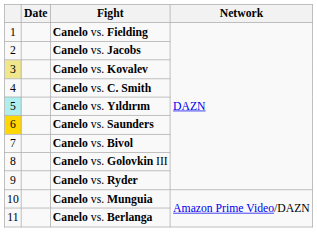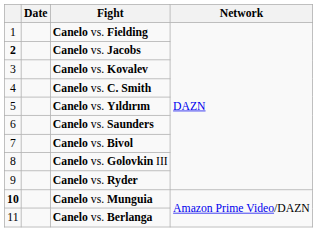 <table class="wikitable">
 <tr>
 <th></th>
 <th>Date</th>
 <th>Fight</th>
 <th>Network</th>
 </tr>
 <tr>
 <td align=center>1</td>
 <td></td>
 <td><strong>Canelo</strong> vs. <strong>Fielding</strong></td>
 <td rowspan="9"><a href='#'>DAZN</a></td>
 </tr>
 <tr>
-<td align=center>2</td>
+<td align=center><strong>2</strong></td>
 <td></td>
 <td><strong>Canelo</strong> vs. <strong>Jacobs</strong></td>
 </tr>
 <tr>
-<td align=center style="background: khaki;">3</td>
+<td align=center>3</td>
 <td></td>
 <td><strong>Canelo</strong> vs. <strong>Kovalev</strong></td>
 </tr>
 <tr>
 <td align=center>4</td>
 <td></td>
 <td><strong>Canelo</strong> vs. <strong>C. Smith</strong></td>
 </tr>
 <tr>
-<td align=center style="background: paleturquoise;">5</td>
+<td align=center>5</td>
 <td></td>
 <td><strong>Canelo</strong> vs. <strong>Yıldırım</strong></td>
 </tr>
 <tr>
-<td align=center style="background: gold;">6</td>
+<td align=center>6</td>
 <td></td>
 <td><strong>Canelo</strong> vs. <strong>Saunders</strong></td>
 </tr>
 <tr>
 <td align=center>7</td>
 <td></td>
 <td><strong>Canelo</strong> vs. <strong>Bivol</strong></td>
 </tr>
 <tr>
 <td align=center>8</td>
 <td></td>
 <td><strong>Canelo</strong> vs. <strong>Golovkin</strong> III</td>
 </tr>
 <tr>
 <td align=center>9</td>
 <td></td>
 <td><strong>Canelo</strong> vs. <strong>Ryder</strong></td>
 </tr>
 <tr>
-<td align=center>10</td>
+<td align=center><strong>10</strong></td>
 <td></td>
 <td><strong>Canelo</strong> vs. <strong>Munguia</strong></td>
 <td rowspan="2"><a href='#'>Amazon Prime Video</a>/DAZN</td>
 </tr>
 <tr>
 <td align=center>11</td>
 <td></td>
 <td><strong>Canelo</strong> vs. <strong>Berlanga</strong></td>
 </tr>
 </table>
